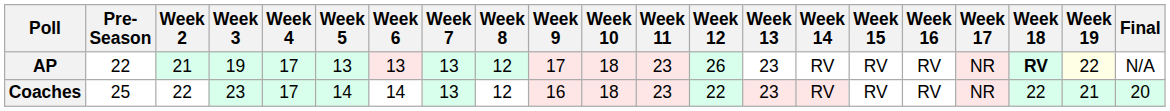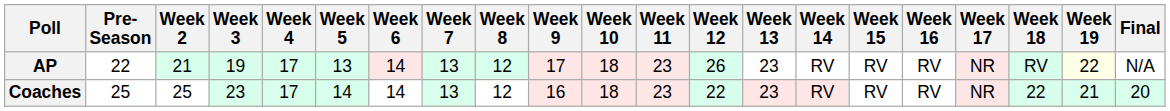 <table class="wikitable" style="white-space:nowrap;font-size:90%">
 <tr>
 <th>Poll</th>
 <th>Pre-<br>Season</th>
 <th>Week<br>2</th>
 <th>Week<br>3</th>
 <th>Week<br>4</th>
 <th>Week<br>5</th>
 <th>Week<br>6</th>
 <th>Week<br>7</th>
 <th>Week<br>8</th>
 <th>Week<br>9</th>
 <th>Week<br>10</th>
 <th>Week<br>11</th>
 <th>Week<br>12</th>
 <th>Week<br>13</th>
 <th>Week<br>14</th>
 <th>Week<br>15</th>
 <th>Week<br>16</th>
 <th>Week<br>17</th>
 <th>Week<br>18</th>
 <th>Week<br>19</th>
 <th>Final</th>
 </tr>
 <tr style="text-align:center;">
 <th>AP</th>
 <td style="background:#FFFFFF;">22</td>
 <td style="background:#D8FFEB;">21</td>
 <td style="background:#D8FFEB;">19</td>
 <td style="background:#D8FFEB;">17</td>
 <td style="background:#D8FFEB;">13</td>
-<td style="background:#FFE6E6;">13</td>
+<td style="background:#FFE6E6;">14</td>
 <td style="background:#D8FFEB;">13</td>
 <td style="background:#D8FFEB;">12</td>
 <td style="background:#FFE6E6;">17</td>
 <td style="background:#FFE6E6;">18</td>
 <td style="background:#FFE6E6;">23</td>
 <td style="background:#D8FFEB;">26</td>
 <td style="background:#FFFFFF;">23</td>
 <td style="background:#FFFFFF;">RV</td>
 <td style="background:#FFFFFF;">RV</td>
 <td style="background:#FFFFFF;">RV</td>
 <td style="background:#FFE6E6;">NR</td>
-<td style="background:#D8FFEB;"><strong>RV</strong></td>
+<td style="background:#D8FFEB;">RV</td>
 <td style="background:#FFFFE6;">22</td>
 <td style="background:#FFFFFF;">N/A</td>
 </tr>
 <tr style="text-align:center;">
 <th>Coaches</th>
 <td style="background:#FFFFFF;">25</td>
-<td style="background:#FFFFFF;">22</td>
+<td style="background:#FFFFFF;">25</td>
 <td style="background:#D8FFEB;">23</td>
 <td style="background:#D8FFEB;">17</td>
 <td style="background:#D8FFEB;">14</td>
 <td style="background:#FFFFFF;">14</td>
 <td style="background:#D8FFEB;">13</td>
 <td style="background:#FFFFFF;">12</td>
 <td style="background:#FFE6E6;">16</td>
 <td style="background:#FFE6E6;">18</td>
 <td style="background:#FFE6E6;">23</td>
 <td style="background:#D8FFEB;">22</td>
 <td style="background:#FFE6E6;">23</td>
 <td style="background:#FFE6E6;">RV</td>
 <td style="background:#FFFFFF;">RV</td>
 <td style="background:#FFFFFF;">RV</td>
 <td style="background:#FFE6E6;">NR</td>
 <td style="background:#D8FFEB;">22</td>
 <td style="background:#D8FFEB;">21</td>
 <td style="background:#D8FFEB;">20</td>
 </tr>
 </table>
